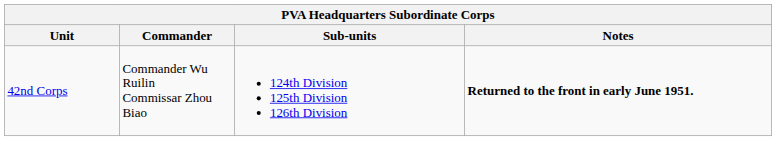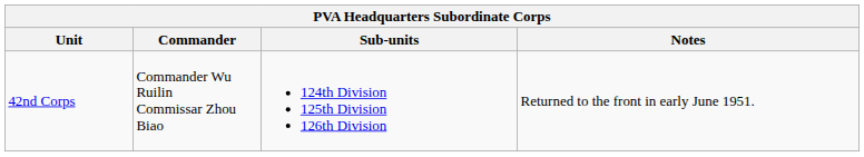 <table class="wikitable" style="width: 75%">
 <tr>
 <th colspan="4" align= center> PVA Headquarters Subordinate Corps</th>
 </tr>
 <tr>
 <th width=15%; align= center>Unit</th>
 <th width=15%; align= center>Commander</th>
 <th width=30%; align= center>Sub-units</th>
 <th width=40%; align= center>Notes</th>
 </tr>
 <tr>
 <td><a href='#'>42nd Corps</a></td>
 <td>Commander Wu Ruilin<br>Commissar Zhou Biao</td>
 <td><br><ul><li><a href='#'>124th Division</a></li><li><a href='#'>125th Division</a></li><li><a href='#'>126th Division</a></li></ul></td>
-<td><strong>Returned to the front in early June 1951.</strong></td>
+<td>Returned to the front in early June 1951.</td>
 </tr>
 </table>
